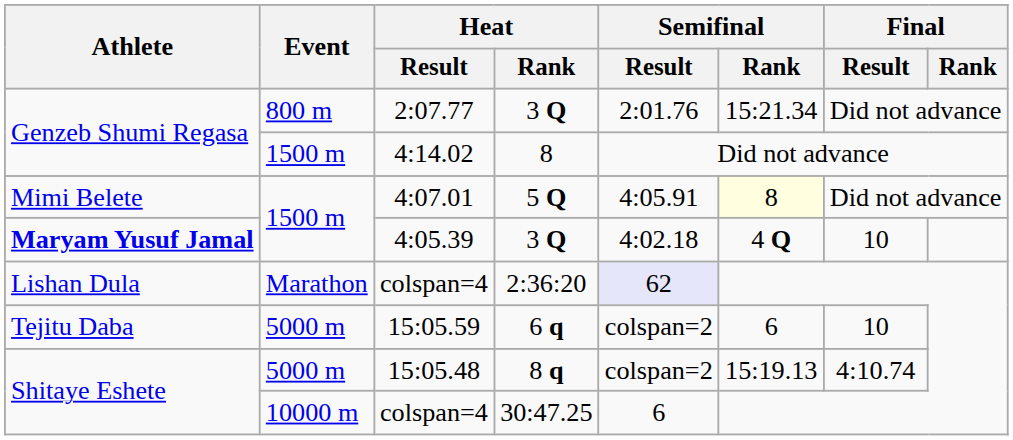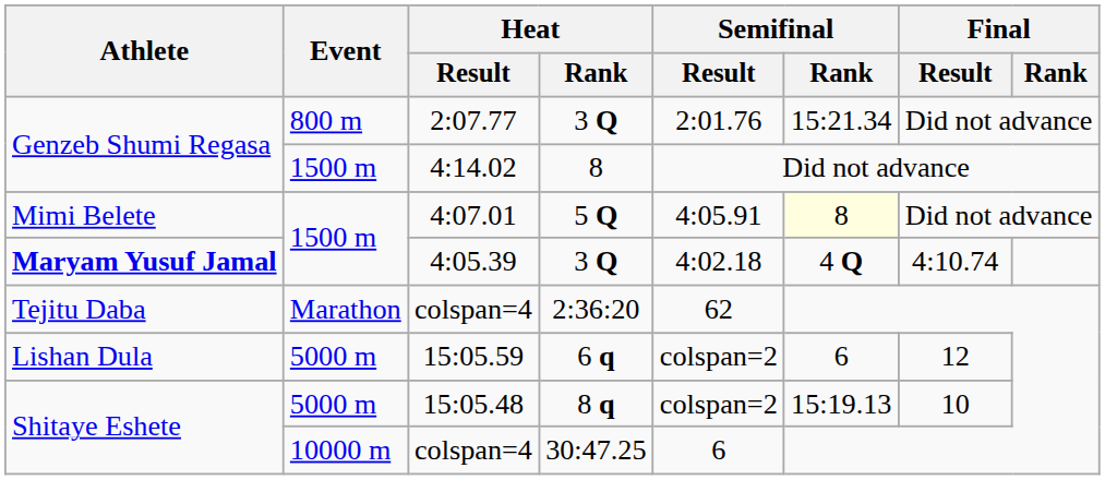 <table class="wikitable" style="font-size:90%">
 <tr>
 <th rowspan="2">Athlete</th>
 <th rowspan="2">Event</th>
 <th colspan="2">Heat</th>
 <th colspan="2">Semifinal</th>
 <th colspan="2">Final</th>
 </tr>
 <tr style="font-size:95%">
 <th>Result</th>
 <th>Rank</th>
 <th>Result</th>
 <th>Rank</th>
 <th>Result</th>
 <th>Rank</th>
 </tr>
 <tr align=center>
 <td align=left rowspan=2><a href='#'>Genzeb Shumi Regasa</a></td>
 <td align=left><a href='#'>800 m</a></td>
 <td>2:07.77</td>
 <td>3 <strong>Q</strong></td>
 <td>2:01.76</td>
 <td>15:21.34</td>
 <td colspan="2">Did not advance</td>
 </tr>
 <tr align=center>
 <td align=left><a href='#'>1500 m</a></td>
 <td>4:14.02</td>
 <td>8</td>
 <td colspan="4">Did not advance</td>
 </tr>
 <tr align=center>
 <td align=left><a href='#'>Mimi Belete</a></td>
 <td align=left rowspan=2><a href='#'>1500 m</a></td>
 <td>4:07.01</td>
 <td>5 <strong>Q</strong></td>
 <td>4:05.91</td>
 <td style="background: lightyellow;">8</td>
 <td colspan=2>Did not advance</td>
 </tr>
 <tr align=center>
 <td align=left><strong><a href='#'>Maryam Yusuf Jamal</a></strong></td>
 <td>4:05.39</td>
 <td>3 <strong>Q</strong></td>
 <td>4:02.18</td>
 <td>4 <strong>Q</strong></td>
-<td>10</td>
+<td>4:10.74</td>
 <td></td>
 </tr>
 <tr align=center>
-<td align=left><a href='#'>Lishan Dula</a></td>
+<td align=left><a href='#'>Tejitu Daba</a></td>
 <td align=left><a href='#'>Marathon</a></td>
 <td>colspan=4 </td>
 <td>2:36:20</td>
-<td style="background: lavender;">62</td>
+<td>62</td>
 </tr>
 <tr align=center>
-<td align=left><a href='#'>Tejitu Daba</a></td>
+<td align=left><a href='#'>Lishan Dula</a></td>
 <td align=left><a href='#'>5000 m</a></td>
 <td>15:05.59</td>
 <td>6 <strong>q</strong></td>
 <td>colspan=2 </td>
 <td>6</td>
-<td>10</td>
+<td>12</td>
 </tr>
 <tr align=center>
 <td align=left rowspan=2><a href='#'>Shitaye Eshete</a></td>
 <td align=left><a href='#'>5000 m</a></td>
 <td>15:05.48</td>
 <td>8 <strong>q</strong></td>
 <td>colspan=2 </td>
 <td>15:19.13</td>
-<td>4:10.74</td>
+<td>10</td>
 </tr>
 <tr align=center>
 <td align=left><a href='#'>10000 m</a></td>
 <td>colspan=4 </td>
 <td>30:47.25</td>
 <td>6</td>
 </tr>
 </table>
